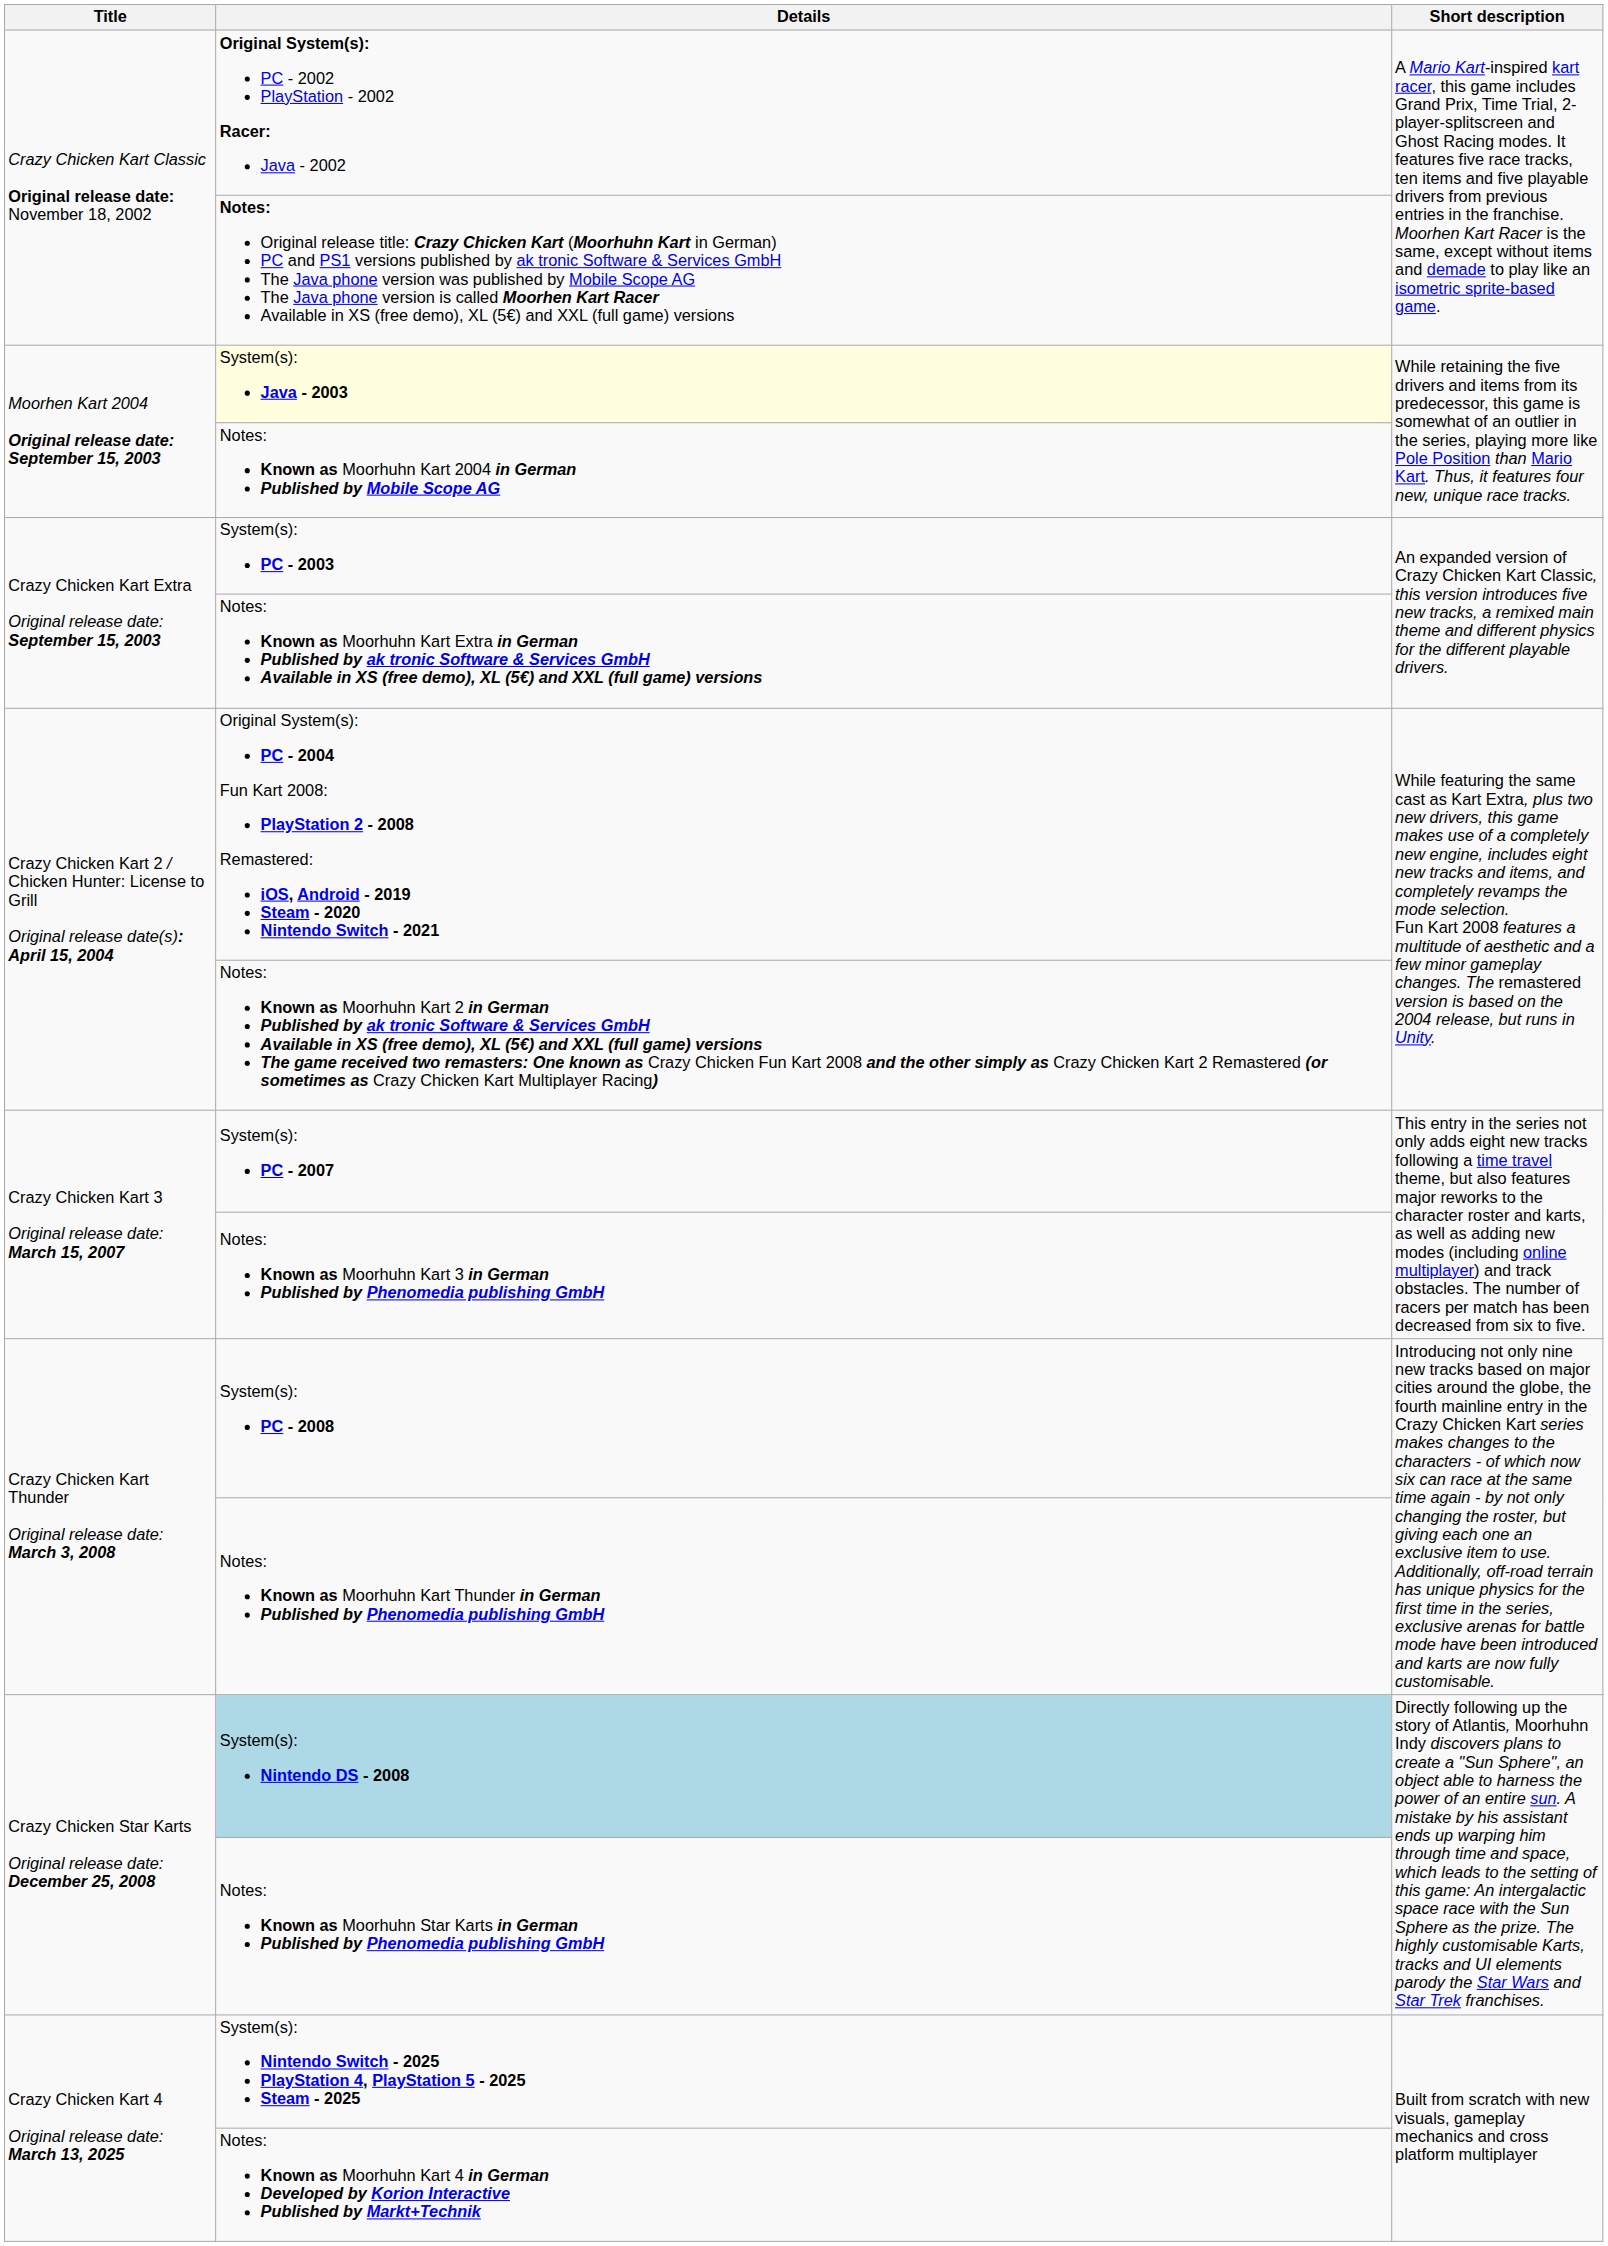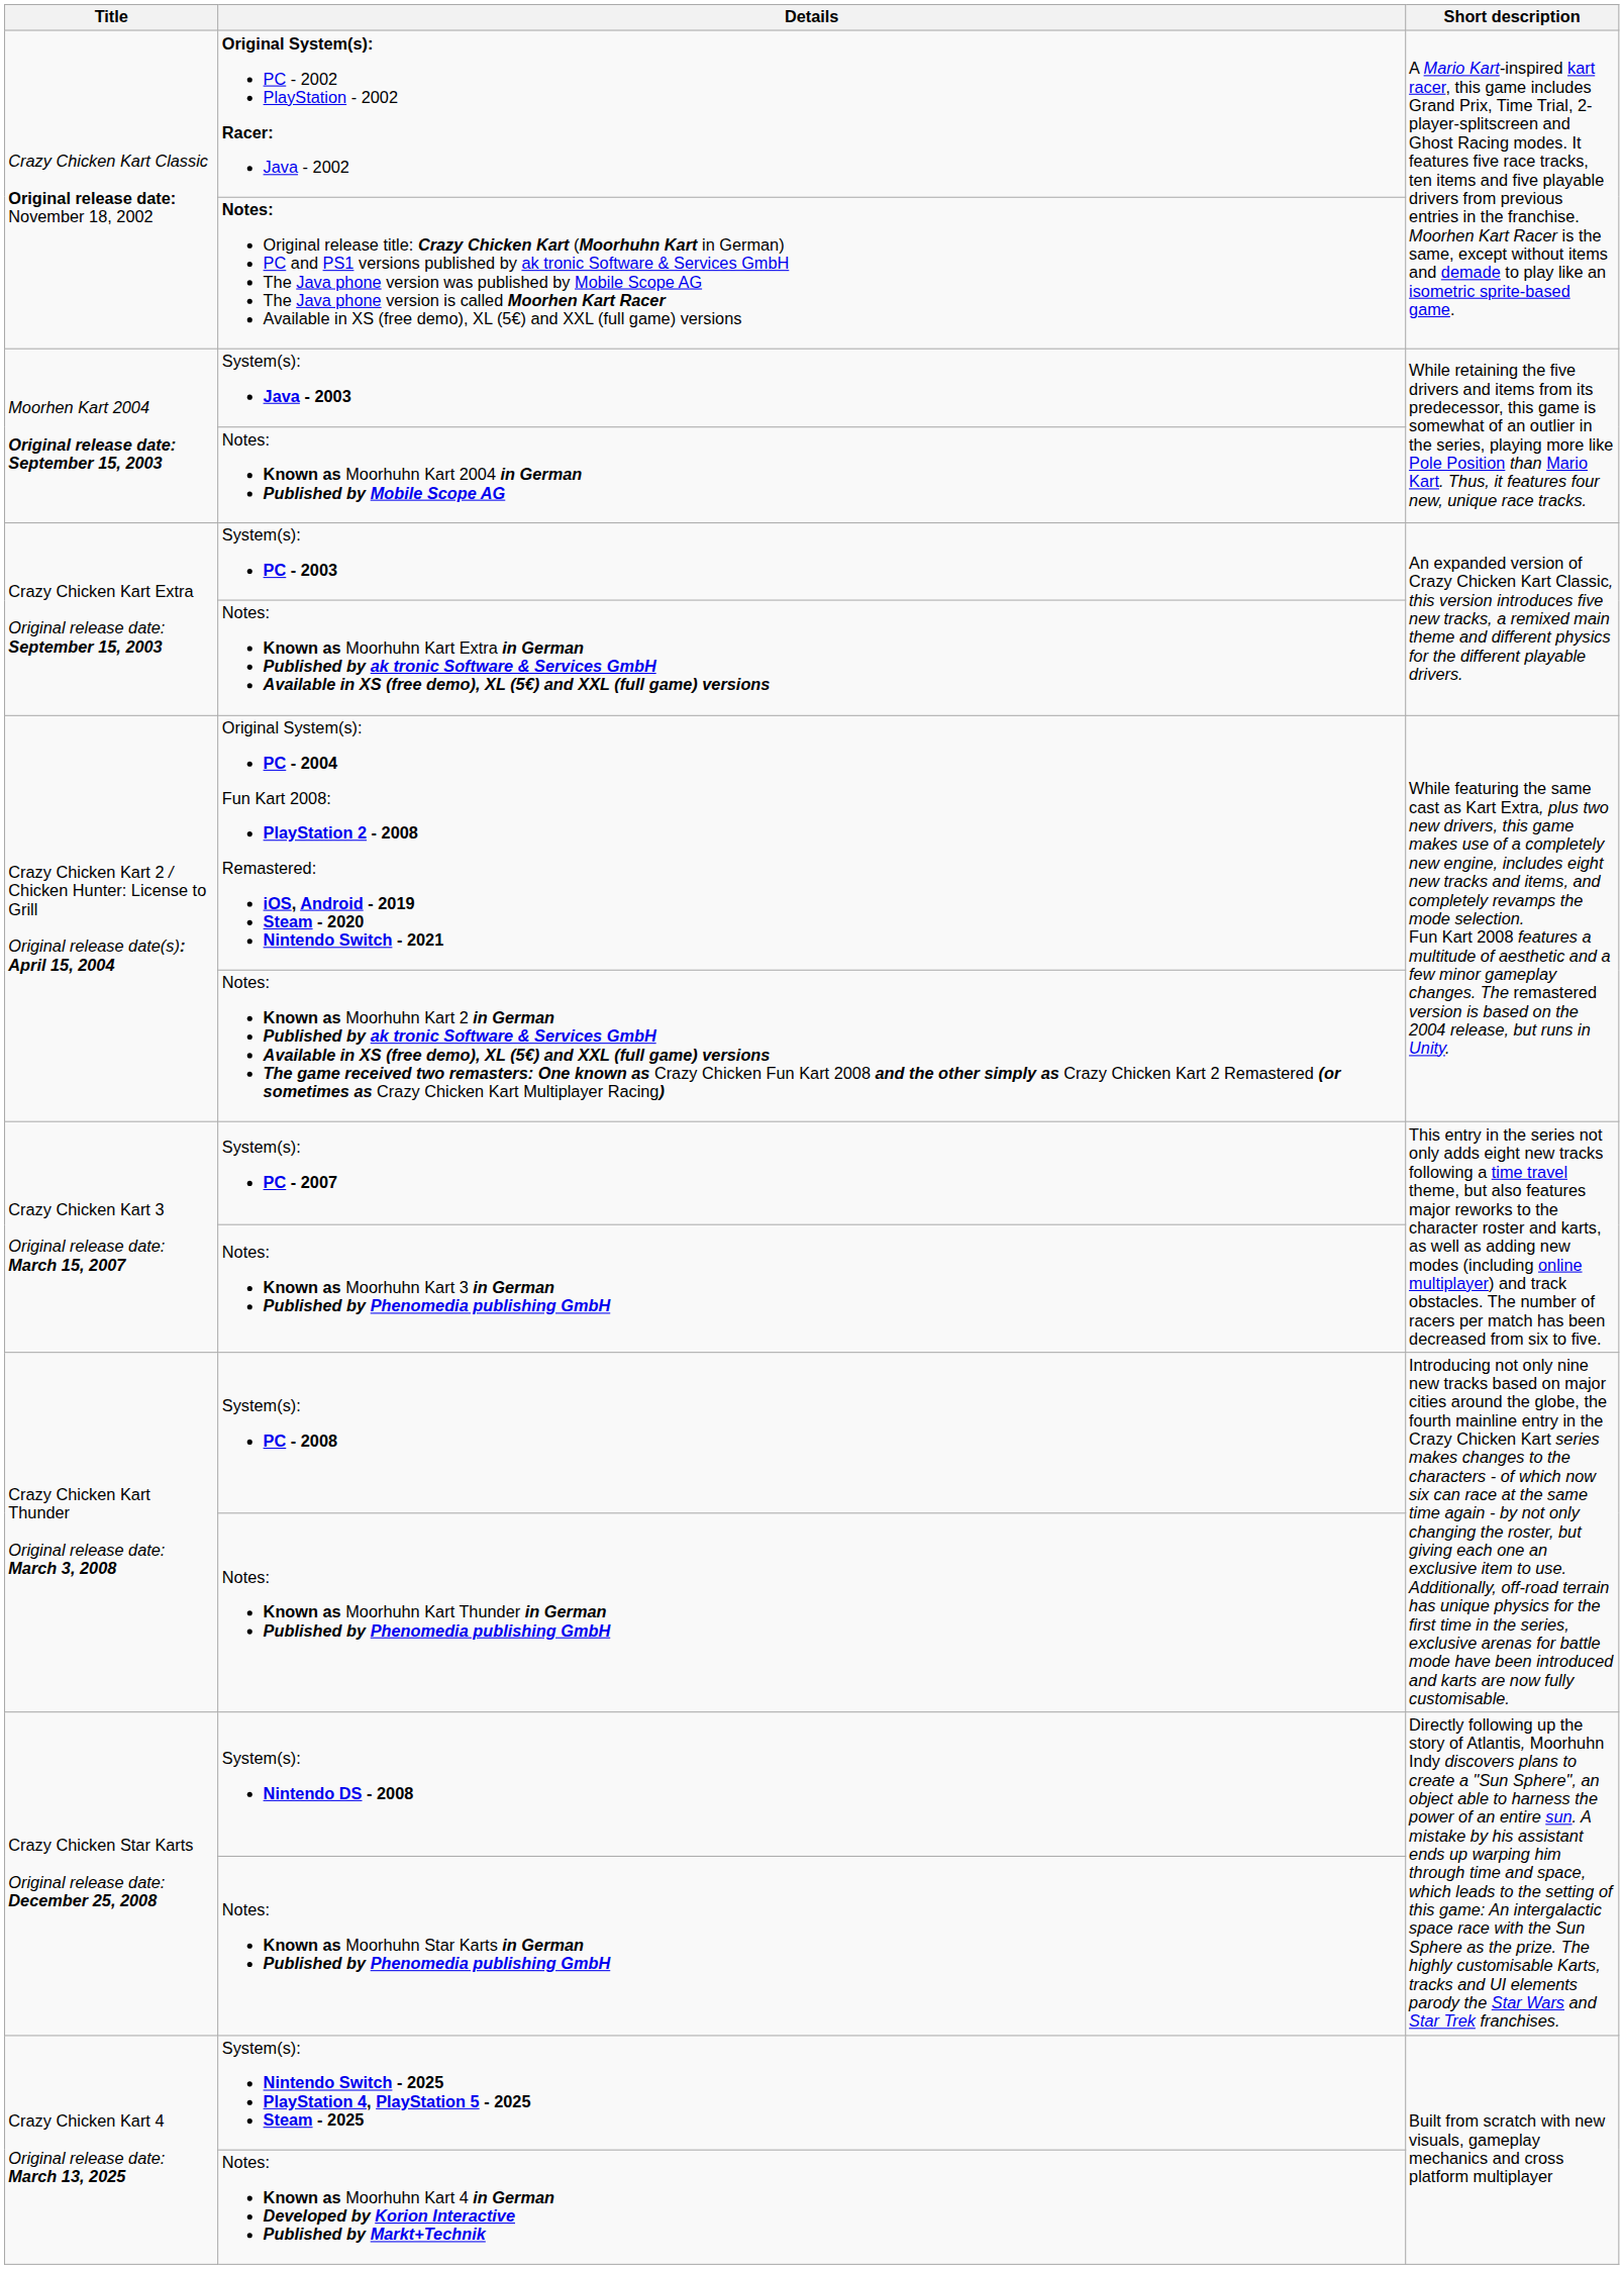 <table class="wikitable">
 <tr>
 <th style="width: 200px;">Title</th>
 <th>Details</th>
 <th style="width: 200px;">Short description</th>
 </tr>
 <tr>
 <td rowspan="2"><div><em>Crazy Chicken Kart Classic</em><strong><br><br>Original release date:<br></strong>November 18, 2002<br></div></td>
 <td><strong>Original System(s):</strong><br><ul><li><a href='#'>PC</a> - 2002</li><li><a href='#'>PlayStation</a> - 2002</li></ul><strong>Racer:</strong><ul><li><a href='#'>Java</a> - 2002</li></ul></td>
 <td rowspan="2">A <em><a href='#'>Mario Kart</a></em>-inspired <a href='#'>kart racer</a>, this game includes Grand Prix, Time Trial, 2-player-splitscreen and Ghost Racing modes. It features five race tracks, ten items and five playable drivers from previous entries in the franchise.<br><em>Moorhen Kart Racer</em> is the same, except without items and <a href='#'>demade</a> to play like an <a href='#'>isometric sprite-based game</a>.</td>
 </tr>
 <tr>
 <td><strong>Notes:</strong><br><ul><li>Original release title: <strong><em>Crazy Chicken Kart</em></strong> (<strong><em>Moorhuhn Kart</em></strong> in German)</li><li><a href='#'>PC</a> and <a href='#'>PS1</a> versions published by <a href='#'>ak tronic Software & Services GmbH</a></li><li>The <a href='#'>Java phone</a> version was published by <a href='#'>Mobile Scope AG</a></li><li>The <a href='#'>Java phone</a> version is called <strong><em>Moorhen Kart Racer</em></strong></li><li>Available in XS (free demo), XL (5€) and XXL (full game) versions</li></ul></td>
 </tr>
 <tr>
 <td rowspan="2"><div><em>Moorhen Kart 2004<strong><em><br><br>Original release date:<br><strong>September 15, 2003<br></div></td>
-<td style="background: lightyellow;"></strong>System(s):<strong><br><ul><li><a href='#'>Java</a> - 2003</li></ul></td>
+<td></strong>System(s):<strong><br><ul><li><a href='#'>Java</a> - 2003</li></ul></td>
 <td rowspan="2">While retaining the five drivers and items from its predecessor, this game is somewhat of an outlier in the series, playing more like </em><a href='#'>Pole Position</a><em> than </em><a href='#'>Mario Kart</a><em>. Thus, it features four new, unique race tracks.</td>
 </tr>
 <tr>
 <td></strong>Notes:<strong><br><ul><li>Known as </em></strong>Moorhuhn Kart 2004<strong><em> in German</li><li>Published by <a href='#'>Mobile Scope AG</a></li></ul></td>
 </tr>
 <tr>
 <td rowspan="2"><div></em>Crazy Chicken Kart Extra<em></strong><br><br>Original release date:<br><strong>September 15, 2003<br></div></td>
 <td></strong>System(s):<strong><br><ul><li><a href='#'>PC</a> - 2003</li></ul></td>
 <td rowspan="2">An expanded version of </em>Crazy Chicken Kart Classic<em>, this version introduces five new tracks, a remixed main theme and different physics for the different playable drivers.</td>
 </tr>
 <tr>
 <td></strong>Notes:<strong><br><ul><li>Known as </em></strong>Moorhuhn Kart Extra<strong><em> in German</li><li>Published by <a href='#'>ak tronic Software & Services GmbH</a></li><li>Available in XS (free demo), XL (5€) and XXL (full game) versions</li></ul></td>
 </tr>
 <tr>
 <td rowspan="2"><div></em>Crazy Chicken Kart 2<em> / <br></em>Chicken Hunter: License to Grill<em><br><br></strong>Original release date(s)<strong>:<br>April 15, 2004<br></div></td>
 <td></strong>Original System(s):<strong><br><ul><li><a href='#'>PC</a> - 2004</li></ul></strong>Fun Kart 2008:<strong><ul><li><a href='#'>PlayStation 2</a> - 2008</li></ul></strong>Remastered:<strong><ul><li><a href='#'>iOS</a>, <a href='#'>Android</a> - 2019</li><li><a href='#'>Steam</a> - 2020</li><li><a href='#'>Nintendo Switch</a> - 2021</li></ul></td>
 <td rowspan="2">While featuring the same cast as </em>Kart Extra<em>, plus two new drivers, this game makes use of a completely new engine, includes eight new tracks and items, and completely revamps the mode selection.<br></em>Fun Kart 2008<em> features a multitude of aesthetic and a few minor gameplay changes. The </em>remastered<em> version is based on the 2004 release, but runs in <a href='#'>Unity</a>.</td>
 </tr>
 <tr>
 <td></strong>Notes:<strong><br><ul><li>Known as </em></strong>Moorhuhn Kart 2<strong><em> in German</li><li>Published by <a href='#'>ak tronic Software & Services GmbH</a></li><li>Available in XS (free demo), XL (5€) and XXL (full game) versions</li><li>The game received two remasters: One known as </em></strong>Crazy Chicken Fun Kart 2008<strong><em> and the other simply as </em></strong>Crazy Chicken Kart 2 Remastered<strong><em> (or sometimes as </em></strong>Crazy Chicken Kart Multiplayer Racing<strong><em>)</li></ul></td>
 </tr>
 <tr>
 <td rowspan="2"><div></em>Crazy Chicken Kart 3<em></strong><br><br>Original release date:<br><strong>March 15, 2007<br></div></td>
 <td></strong>System(s):<strong><br><ul><li><a href='#'>PC</a> - 2007</li></ul></td>
 <td rowspan="2">This entry in the series not only adds eight new tracks following a <a href='#'>time travel</a> theme, but also features major reworks to the character roster and karts, as well as adding new modes (including <a href='#'>online multiplayer</a>) and track obstacles. The number of racers per match has been decreased from six to five.</td>
 </tr>
 <tr>
 <td></strong>Notes:<strong><br><ul><li>Known as </em></strong>Moorhuhn Kart 3<strong><em> in German</li><li>Published by <a href='#'>Phenomedia publishing GmbH</a></li></ul></td>
 </tr>
 <tr>
 <td rowspan="2"><div></em>Crazy Chicken Kart Thunder<em></strong><br><br>Original release date:<br><strong>March 3, 2008<br></div></td>
 <td></strong>System(s):<strong><br><ul><li><a href='#'>PC</a> - 2008</li></ul></td>
 <td rowspan="2">Introducing not only nine new tracks based on major cities around the globe, the fourth mainline entry in the </em>Crazy Chicken Kart<em> series makes changes to the characters - of which now six can race at the same time again - by not only changing the roster, but giving each one an exclusive item to use. Additionally, off-road terrain has unique physics for the first time in the series, exclusive arenas for battle mode have been introduced and karts are now fully customisable.</td>
 </tr>
 <tr>
 <td></strong>Notes:<strong><br><ul><li>Known as </em></strong>Moorhuhn Kart Thunder<strong><em> in German</li><li>Published by <a href='#'>Phenomedia publishing GmbH</a></li></ul></td>
 </tr>
 <tr>
 <td rowspan="2"><div></em>Crazy Chicken Star Karts<em></strong><br><br>Original release date:<br><strong>December 25, 2008<br></div></td>
-<td style="background: lightblue;"></strong>System(s):<strong><br><ul><li><a href='#'>Nintendo DS</a> - 2008</li></ul></td>
+<td></strong>System(s):<strong><br><ul><li><a href='#'>Nintendo DS</a> - 2008</li></ul></td>
 <td rowspan="2">Directly following up the story of </em>Atlantis<em>, </em>Moorhuhn Indy<em> discovers plans to create a "Sun Sphere", an object able to harness the power of an entire <a href='#'>sun</a>. A mistake by his assistant ends up warping him through time and space, which leads to the setting of this game: An intergalactic space race with the Sun Sphere as the prize. The highly customisable Karts, tracks and UI elements parody the <a href='#'>Star Wars</a> and <a href='#'>Star Trek</a> franchises.</td>
 </tr>
 <tr>
 <td></strong>Notes:<strong><br><ul><li>Known as </em></strong>Moorhuhn Star Karts<strong><em> in German</li><li>Published by <a href='#'>Phenomedia publishing GmbH</a></li></ul></td>
 </tr>
 <tr>
 <td rowspan="2"><div></em>Crazy Chicken Kart 4<em></strong><br><br>Original release date:<br><strong>March 13, 2025<br></div></td>
 <td></strong>System(s):<strong><br><ul><li><a href='#'>Nintendo Switch</a> - 2025</li><li><a href='#'>PlayStation 4</a>, <a href='#'>PlayStation 5</a> - 2025</li><li><a href='#'>Steam</a> - 2025</li></ul></td>
 <td rowspan="2">Built from scratch with new visuals, gameplay mechanics and cross platform multiplayer</td>
 </tr>
 <tr>
 <td></strong>Notes:<strong><br><ul><li>Known as </em></strong>Moorhuhn Kart 4<strong><em> in German</li><li>Developed by <a href='#'>Korion Interactive</a></li><li>Published by <a href='#'>Markt+Technik</a></li></ul></td>
 </tr>
 </table>
